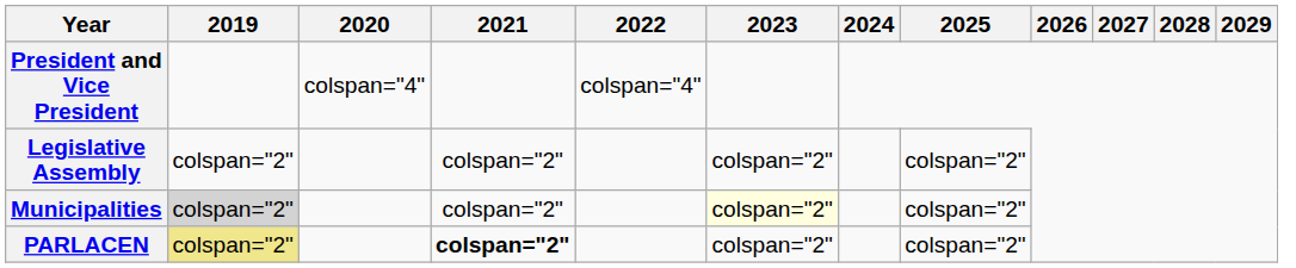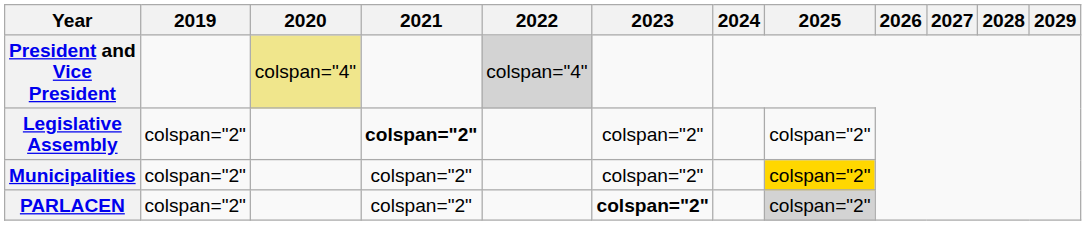 <table class="wikitable" style="font-size:95%; text-align:center">
 <tr>
 <th>Year</th>
 <th>2019</th>
 <th>2020</th>
 <th>2021</th>
 <th>2022</th>
 <th>2023</th>
 <th>2024</th>
 <th>2025</th>
 <th>2026</th>
 <th>2027</th>
 <th>2028</th>
 <th>2029</th>
 </tr>
 <tr>
 <th><a href='#'>President</a> and<br><a href='#'>Vice President</a></th>
 <td></td>
-<td>colspan="4" </td>
+<td style="background: khaki;">colspan="4" </td>
 <td></td>
-<td>colspan="4" </td>
+<td style="background: lightgrey;">colspan="4" </td>
 <td></td>
 </tr>
 <tr>
 <th><a href='#'>Legislative Assembly</a></th>
 <td>colspan="2" </td>
 <td></td>
-<td>colspan="2" </td>
+<td><strong>colspan="2" </strong></td>
 <td></td>
 <td>colspan="2" </td>
 <td></td>
 <td>colspan="2" </td>
 </tr>
 <tr>
 <th><a href='#'>Municipalities</a></th>
-<td style="background: lightgrey;">colspan="2" </td>
-<td></td>
 <td>colspan="2" </td>
-<td></td>
-<td style="background: lightyellow;">colspan="2" </td>
-<td></td>
-<td>colspan="2" </td>
-</tr>
-<tr>
-<th><a href='#'>PARLACEN</a></th>
-<td style="background: khaki;">colspan="2" </td>
-<td></td>
-<td><strong>colspan="2" </strong></td>
 <td></td>
 <td>colspan="2" </td>
 <td></td>
 <td>colspan="2" </td>
+<td></td>
+<td style="background: gold;">colspan="2" </td>
+</tr>
+<tr>
+<th><a href='#'>PARLACEN</a></th>
+<td>colspan="2" </td>
+<td></td>
+<td>colspan="2" </td>
+<td></td>
+<td><strong>colspan="2" </strong></td>
+<td></td>
+<td style="background: lightgrey;">colspan="2" </td>
 </tr>
 </table>
